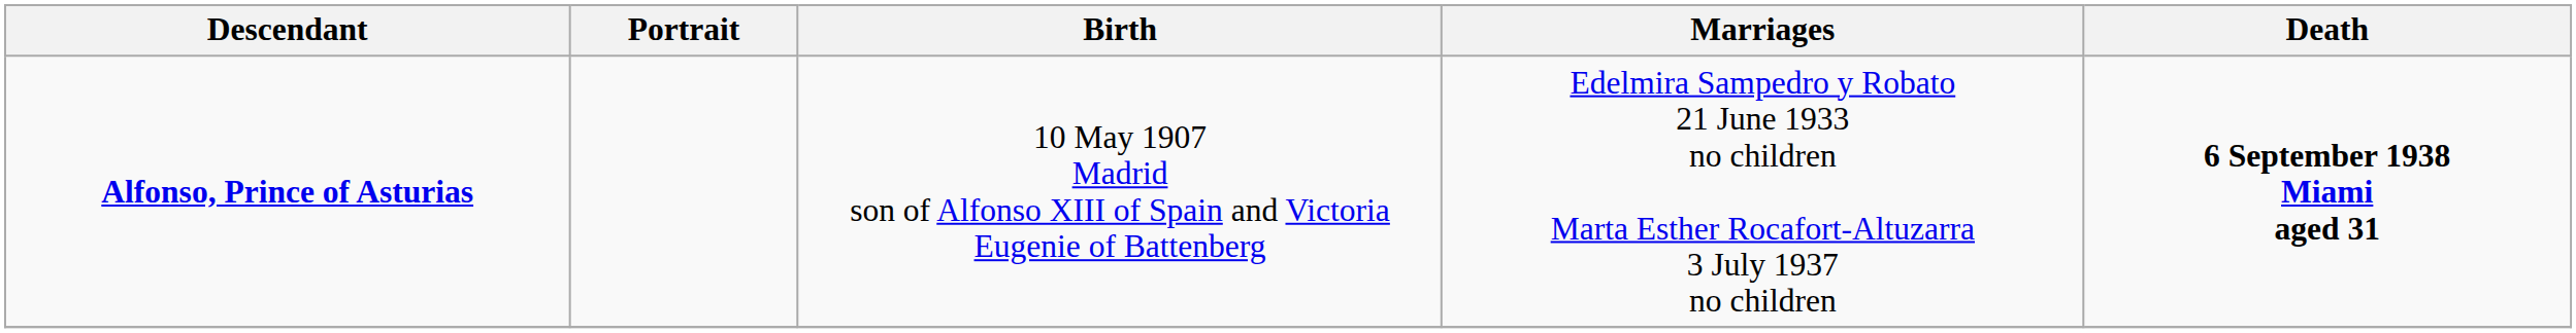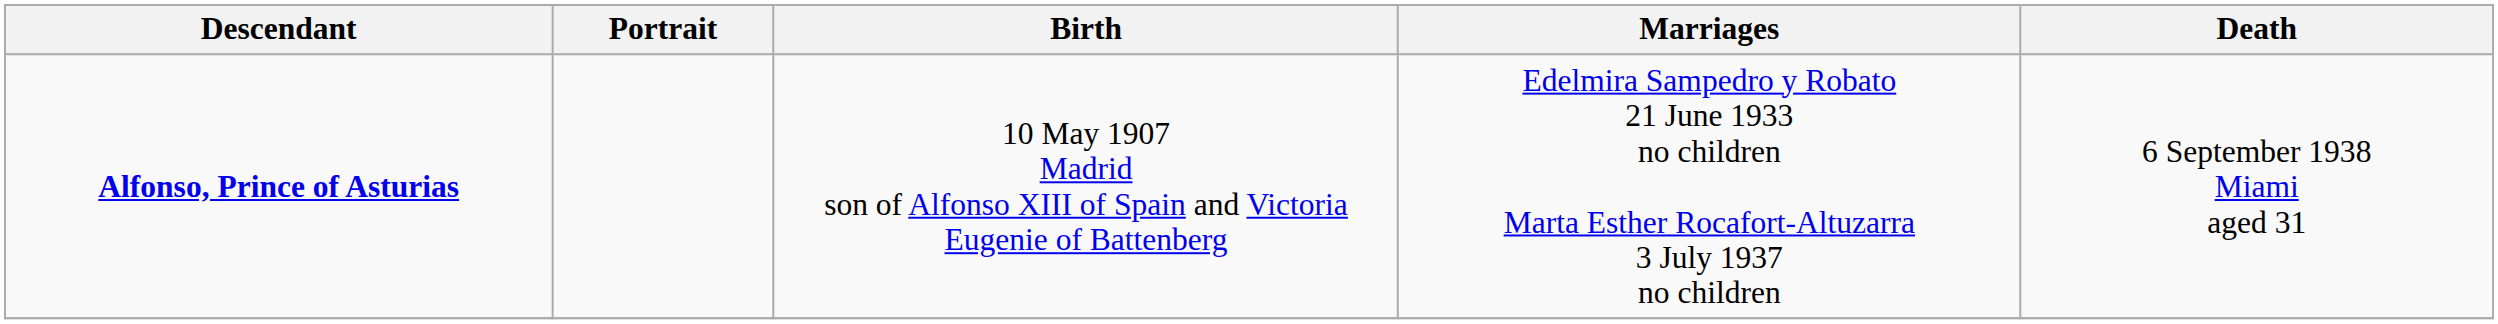 <table style="text-align:center; width:100%" class="wikitable">
 <tr>
 <th width=22%>Descendant</th>
 <th width=105px>Portrait</th>
 <th>Birth</th>
 <th width=25%>Marriages</th>
 <th width=19%>Death</th>
 </tr>
 <tr>
 <td><strong><a href='#'>Alfonso, Prince of Asturias</a></strong></td>
 <td></td>
 <td>10 May 1907 <br><a href='#'>Madrid</a><br>son of <a href='#'>Alfonso XIII of Spain</a> and <a href='#'>Victoria Eugenie of Battenberg</a></td>
 <td><a href='#'>Edelmira Sampedro y Robato</a><br>21 June 1933<br>no children<br><br><a href='#'>Marta Esther Rocafort-Altuzarra</a><br>3 July 1937<br>no children</td>
-<td><strong>6 September 1938<br><a href='#'>Miami</a><br>aged 31</strong></td>
+<td>6 September 1938<br><a href='#'>Miami</a><br>aged 31</td>
 </tr>
 <tr>
 </tr>
 </table>
